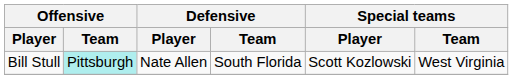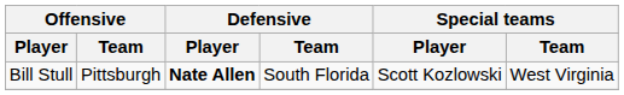 <table class="wikitable" border="1">
 <tr>
 <th colspan="2">Offensive</th>
 <th colspan="2">Defensive</th>
 <th colspan="2">Special teams</th>
 </tr>
 <tr>
 <th>Player</th>
 <th>Team</th>
 <th>Player</th>
 <th>Team</th>
 <th>Player</th>
 <th>Team</th>
 </tr>
 <tr>
 <td>Bill Stull</td>
-<td style="background: paleturquoise;">Pittsburgh</td>
-<td>Nate Allen</td>
+<td>Pittsburgh</td>
+<td><strong>Nate Allen</strong></td>
 <td>South Florida</td>
 <td>Scott Kozlowski</td>
 <td>West Virginia</td>
 </tr>
 <tr>
 </tr>
 </table>
